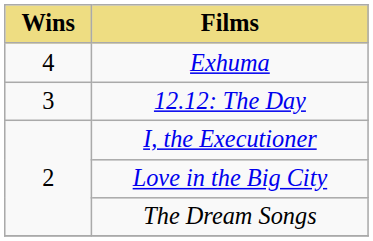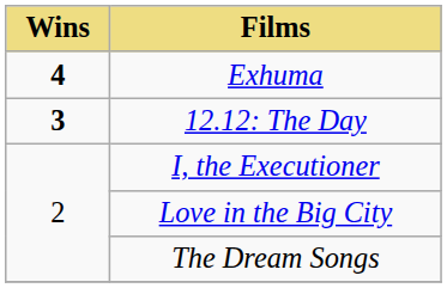 <table class="wikitable plainrowheaders" style="width:15em; text-align:center;">
 <tr>
 <th style="background:#EEDD82;" ! align="center">Wins</th>
 <th style="background:#EEDD82;" ! align="center">Films</th>
 </tr>
 <tr>
-<td>4</td>
+<td><strong>4</strong></td>
 <td><em><a href='#'>Exhuma</a></em></td>
 </tr>
 <tr>
-<td>3</td>
+<td><strong>3</strong></td>
 <td><em><a href='#'>12.12: The Day</a></em></td>
 </tr>
 <tr>
 <td rowspan="3">2</td>
 <td><em><a href='#'>I, the Executioner</a></em></td>
 </tr>
 <tr>
 <td><em><a href='#'>Love in the Big City</a></em></td>
 </tr>
 <tr>
 <td><em>The Dream Songs</em></td>
 </tr>
 <tr>
 </tr>
 </table>
